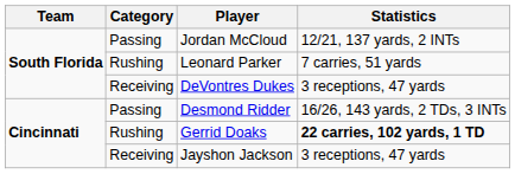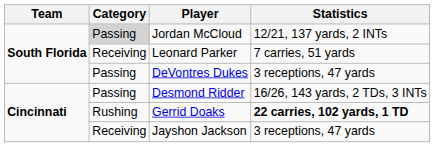 <table class="wikitable" style="float: left;">
 <tr>
 <th>Team</th>
 <th>Category</th>
 <th>Player</th>
 <th>Statistics</th>
 </tr>
 <tr>
 <td rowspan=3><strong>South Florida</strong></td>
-<td>Passing</td>
+<td style="background: lightgrey;">Passing</td>
 <td>Jordan McCloud</td>
 <td>12/21, 137 yards, 2 INTs</td>
 </tr>
 <tr>
-<td>Rushing</td>
+<td>Receiving</td>
 <td>Leonard Parker</td>
 <td>7 carries, 51 yards</td>
 </tr>
 <tr>
-<td>Receiving</td>
+<td>Passing</td>
 <td><a href='#'>DeVontres Dukes</a></td>
 <td>3 receptions, 47 yards</td>
 </tr>
 <tr>
 <td rowspan=3><strong>Cincinnati</strong></td>
 <td>Passing</td>
 <td><a href='#'>Desmond Ridder</a></td>
 <td>16/26, 143 yards, 2 TDs, 3 INTs</td>
 </tr>
 <tr>
 <td>Rushing</td>
 <td><a href='#'>Gerrid Doaks</a></td>
 <td><strong>22 carries, 102 yards, 1 TD</strong></td>
 </tr>
 <tr>
 <td>Receiving</td>
 <td>Jayshon Jackson</td>
 <td>3 receptions, 47 yards</td>
 </tr>
 </table>
